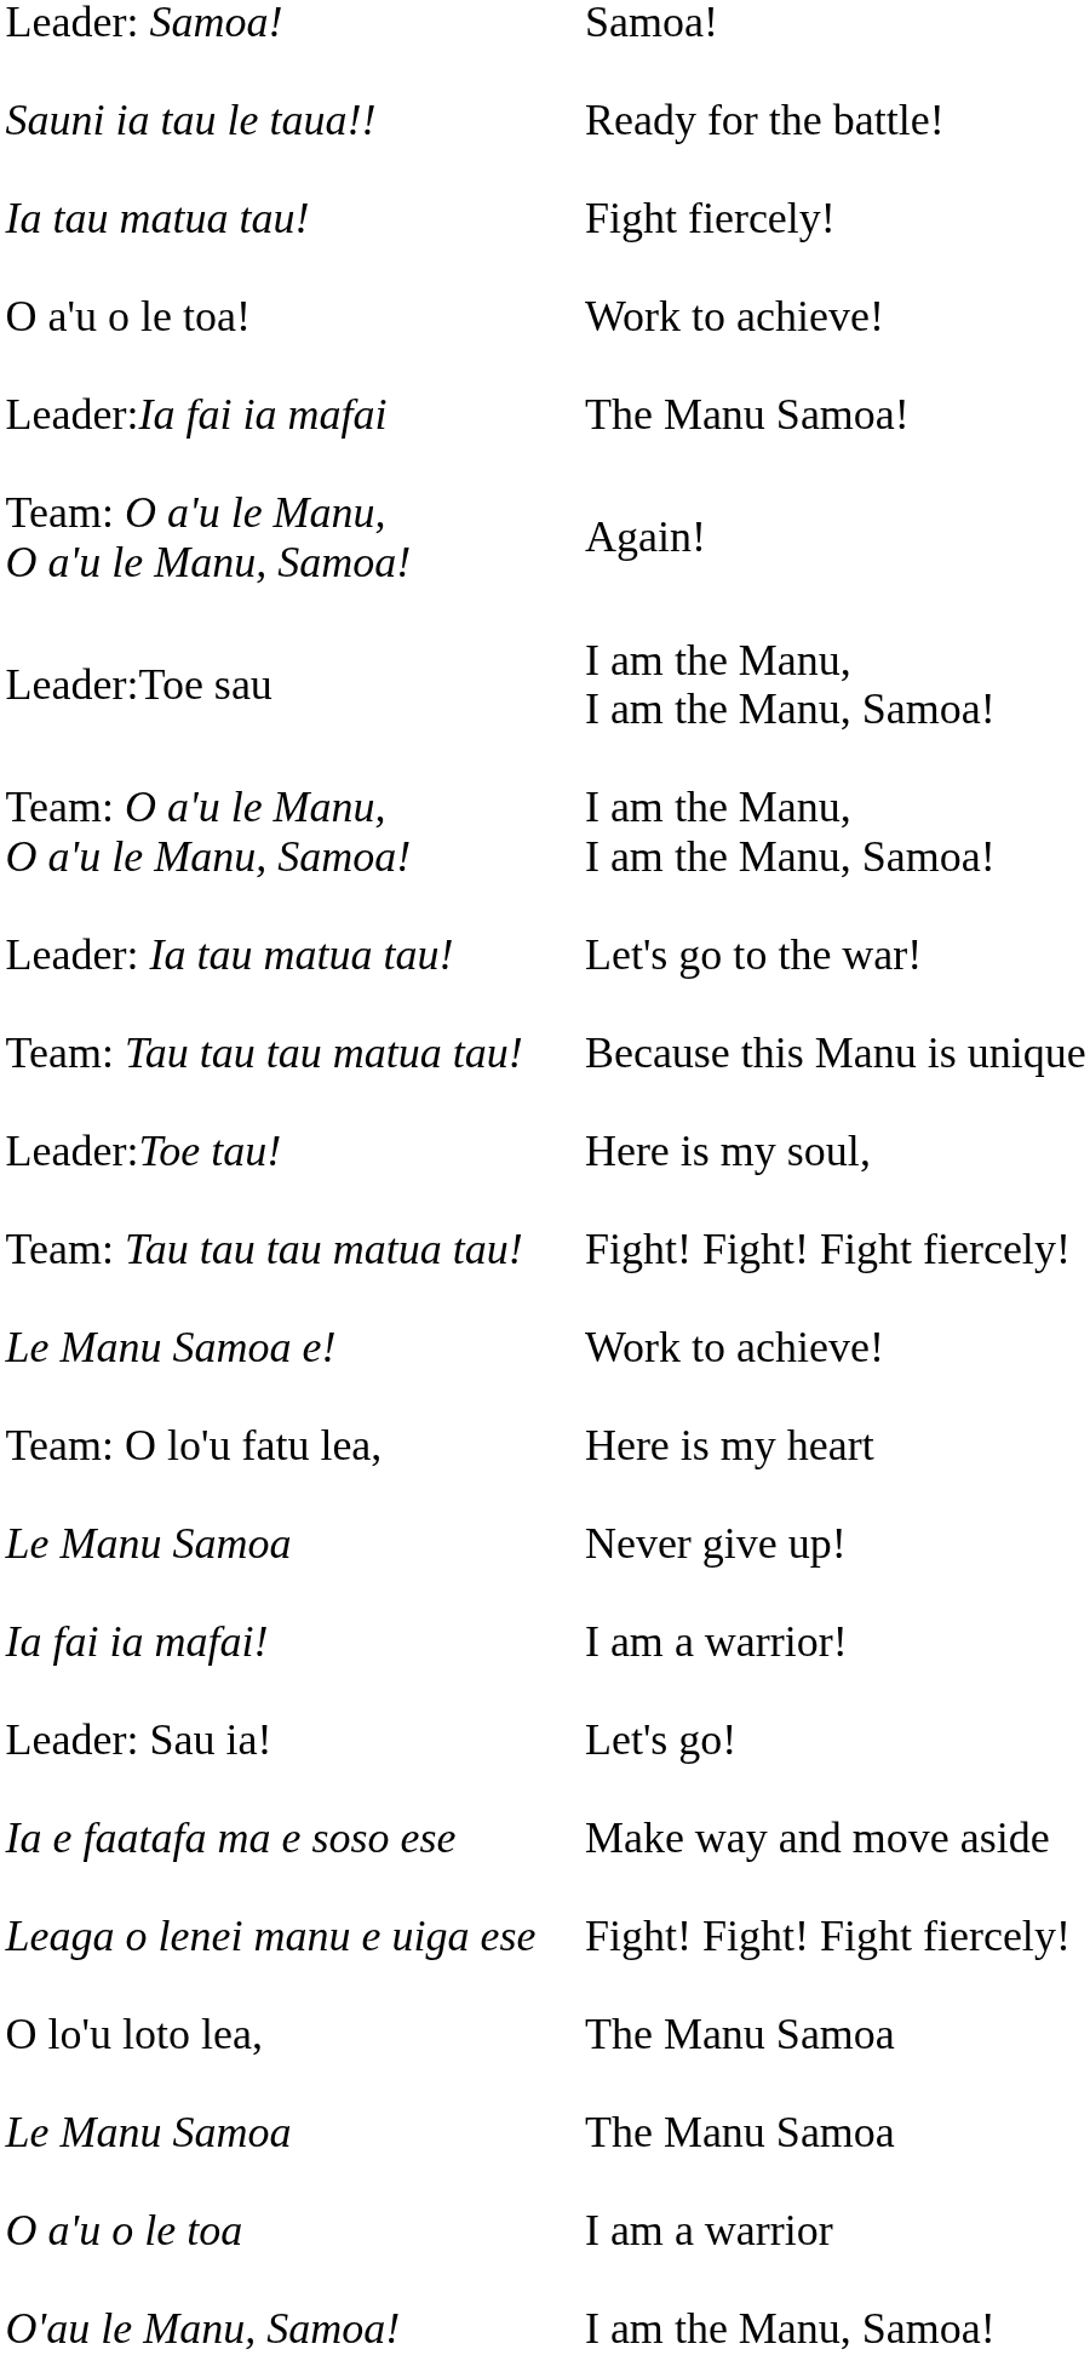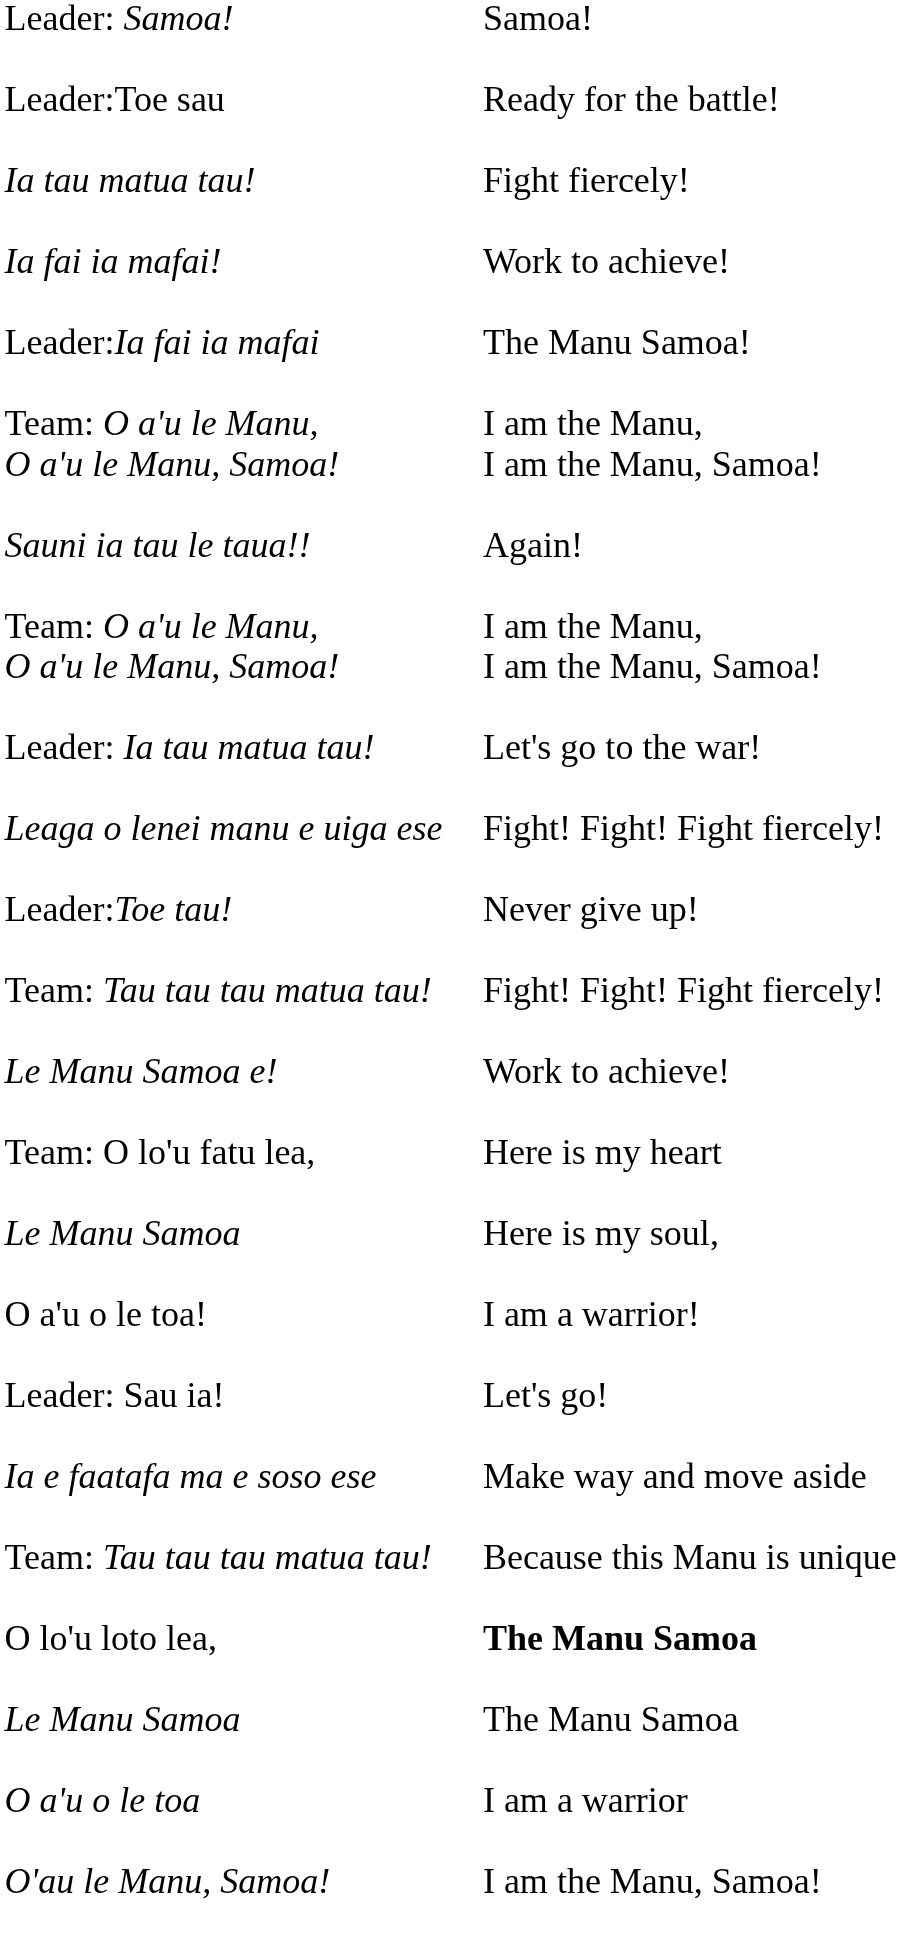 <table border="0" cellpadding="8" cellspacing="2" style="margin-left:3em">
 <tr>
 <td>Leader: <em>Samoa!</em></td>
 <td>Samoa!</td>
 </tr>
 <tr>
-<td><em>Sauni ia tau le taua!!</em></td>
+<td>Leader:Toe sau</td>
 <td>Ready for the battle!</td>
 </tr>
 <tr>
 <td><em>Ia tau matua tau!</em></td>
 <td>Fight fiercely!</td>
 </tr>
 <tr>
-<td>O a'u o le toa!</td>
+<td><em>Ia fai ia mafai!</em></td>
 <td>Work to achieve!</td>
 </tr>
 <tr>
 <td>Leader:<em>Ia fai ia mafai</em></td>
 <td>The Manu Samoa!</td>
 </tr>
 <tr>
 <td>Team: <em>O a'u le Manu,</em><br><em>O a'u le Manu, Samoa!</em></td>
-<td>Again!</td>
+<td>I am the Manu,<br>I am the Manu, Samoa!</td>
 </tr>
 <tr>
-<td>Leader:Toe sau</td>
-<td>I am the Manu,<br>I am the Manu, Samoa!</td>
+<td><em>Sauni ia tau le taua!!</em></td>
+<td>Again!</td>
 </tr>
 <tr>
 <td>Team: <em>O a'u le Manu,</em><br><em>O a'u le Manu, Samoa!</em></td>
 <td>I am the Manu,<br>I am the Manu, Samoa!</td>
 </tr>
 <tr>
 <td>Leader: <em>Ia tau matua tau!</em></td>
 <td>Let's go to the war!</td>
 </tr>
 <tr>
-<td>Team: <em>Tau tau tau matua tau!</em></td>
-<td>Because this Manu is unique</td>
+<td><em>Leaga o lenei manu e uiga ese</em></td>
+<td>Fight! Fight! Fight fiercely!</td>
 </tr>
 <tr>
 <td>Leader:<em>Toe tau!</em></td>
-<td>Here is my soul,</td>
+<td>Never give up!</td>
 </tr>
 <tr>
 <td>Team: <em>Tau tau tau matua tau!</em></td>
 <td>Fight! Fight! Fight fiercely!</td>
 </tr>
 <tr>
 <td><em>Le Manu Samoa e!</em></td>
 <td>Work to achieve!</td>
 </tr>
 <tr>
 <td>Team: O lo'u fatu lea,</td>
 <td>Here is my heart</td>
 </tr>
 <tr>
 <td><em>Le Manu Samoa</em></td>
-<td>Never give up!</td>
+<td>Here is my soul,</td>
 </tr>
 <tr>
-<td><em>Ia fai ia mafai!</em></td>
+<td>O a'u o le toa!</td>
 <td>I am a warrior!</td>
 </tr>
 <tr>
 <td>Leader: Sau ia!</td>
 <td>Let's go!</td>
 </tr>
 <tr>
 <td><em>Ia e faatafa ma e soso ese</em></td>
 <td>Make way and move aside</td>
 </tr>
 <tr>
-<td><em>Leaga o lenei manu e uiga ese</em></td>
-<td>Fight! Fight! Fight fiercely!</td>
+<td>Team: <em>Tau tau tau matua tau!</em></td>
+<td>Because this Manu is unique</td>
 </tr>
 <tr>
 <td>O lo'u loto lea,</td>
-<td>The Manu Samoa</td>
+<td><strong>The Manu Samoa</strong></td>
 </tr>
 <tr>
 <td><em>Le Manu Samoa</em></td>
 <td>The Manu Samoa</td>
 </tr>
 <tr>
 <td><em>O a'u o le toa</em></td>
 <td>I am a warrior</td>
 </tr>
 <tr>
 <td><em>O'au le Manu, Samoa!</em></td>
 <td>I am the Manu, Samoa!</td>
 </tr>
 </table>
